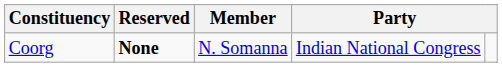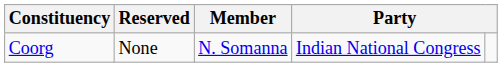 <table class="wikitable sortable">
 <tr>
 <th>Constituency</th>
 <th>Reserved</th>
 <th>Member</th>
 <th colspan=2>Party</th>
 </tr>
 <tr>
 <td><a href='#'>Coorg</a></td>
-<td><strong>None</strong></td>
+<td>None</td>
 <td><a href='#'>N. Somanna</a></td>
 <td><a href='#'>Indian National Congress</a></td>
 <td width="4px" style="background-color: "></td>
 </tr>
 </table>
